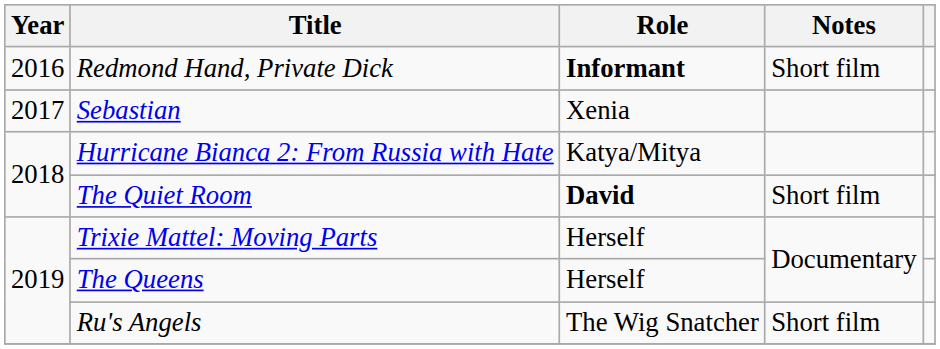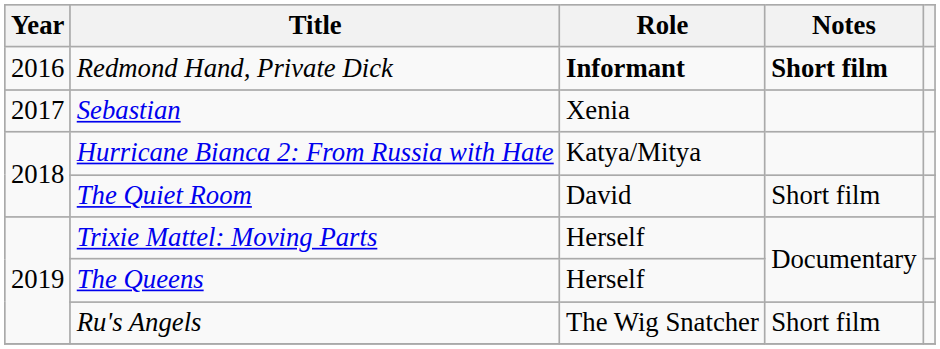 <table class="wikitable plainrowheaders" style="text-align:left;">
 <tr>
 <th>Year</th>
 <th>Title</th>
 <th>Role</th>
 <th>Notes</th>
 <th></th>
 </tr>
 <tr>
 <td>2016</td>
 <td><em>Redmond Hand, Private Dick</em></td>
 <td><strong>Informant</strong></td>
-<td>Short film</td>
+<td><strong>Short film</strong></td>
 <td></td>
 </tr>
 <tr>
 <td>2017</td>
 <td><em><a href='#'>Sebastian</a></em></td>
 <td>Xenia</td>
 <td></td>
 <td></td>
 </tr>
 <tr>
 <td rowspan="2">2018</td>
 <td><em><a href='#'>Hurricane Bianca 2: From Russia with Hate</a></em></td>
 <td>Katya/Mitya</td>
 <td></td>
 <td></td>
 </tr>
 <tr>
 <td><em><a href='#'>The Quiet Room</a></em></td>
-<td><strong>David</strong></td>
+<td>David</td>
 <td>Short film</td>
 <td></td>
 </tr>
 <tr>
 <td rowspan="3">2019</td>
 <td><em><a href='#'>Trixie Mattel: Moving Parts</a></em></td>
 <td>Herself</td>
 <td rowspan="2">Documentary</td>
 <td></td>
 </tr>
 <tr>
 <td><em><a href='#'>The Queens</a></em></td>
 <td>Herself</td>
 <td></td>
 </tr>
 <tr>
 <td><em>Ru's Angels</em></td>
 <td>The Wig Snatcher</td>
 <td>Short film</td>
 <td></td>
 </tr>
 <tr>
 </tr>
 </table>
